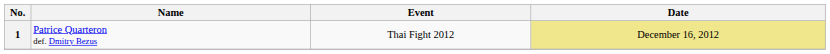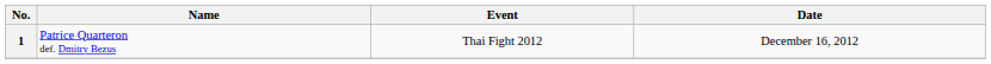 <table class="wikitable" width=100%>
 <tr>
 <th width=1%>No.</th>
 <th width=19%>Name</th>
 <th width=15%>Event</th>
 <th width=20%>Date</th>
 </tr>
 <tr>
 <th>1</th>
 <td align=left> <a href='#'>Patrice Quarteron</a> <br><small>def. <a href='#'>Dmitry Bezus</a></small></td>
 <td align=center>Thai Fight 2012<br></td>
-<td align=center style="background: khaki;">December 16, 2012</td>
+<td align=center>December 16, 2012</td>
 </tr>
 <tr>
 </tr>
 </table>
